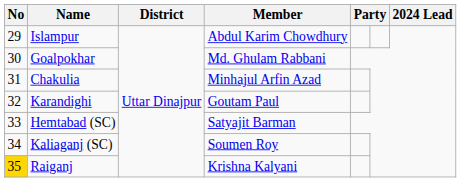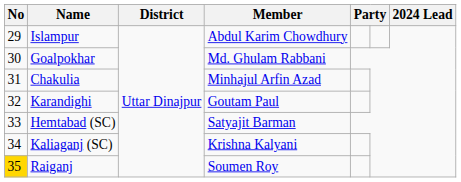 <table class="wikitable sortable">
 <tr>
 <th>No</th>
 <th>Name</th>
 <th>District</th>
 <th>Member</th>
 <th colspan="2">Party</th>
 <th colspan="2">2024 Lead</th>
 </tr>
 <tr>
 <td>29</td>
 <td><a href='#'>Islampur</a></td>
 <td rowspan="7"><a href='#'>Uttar Dinajpur</a></td>
 <td><a href='#'>Abdul Karim Chowdhury</a></td>
 <td></td>
 <td></td>
 </tr>
 <tr>
 <td>30</td>
 <td><a href='#'>Goalpokhar</a></td>
 <td><a href='#'>Md. Ghulam Rabbani</a></td>
 </tr>
 <tr>
 <td>31</td>
 <td><a href='#'>Chakulia</a></td>
 <td><a href='#'>Minhajul Arfin Azad</a></td>
 <td></td>
 </tr>
 <tr>
 <td>32</td>
 <td><a href='#'>Karandighi</a></td>
 <td><a href='#'>Goutam Paul</a></td>
 <td></td>
 </tr>
 <tr>
 <td>33</td>
 <td><a href='#'>Hemtabad</a> (SC)</td>
 <td><a href='#'>Satyajit Barman</a></td>
 </tr>
 <tr>
 <td>34</td>
 <td><a href='#'>Kaliaganj</a> (SC)</td>
-<td><a href='#'>Soumen Roy</a></td>
+<td><a href='#'>Krishna Kalyani</a></td>
 <td></td>
 </tr>
 <tr>
 <td style="background: gold;">35</td>
 <td><a href='#'>Raiganj</a></td>
-<td><a href='#'>Krishna Kalyani</a></td>
+<td><a href='#'>Soumen Roy</a></td>
 <td></td>
 </tr>
 </table>
